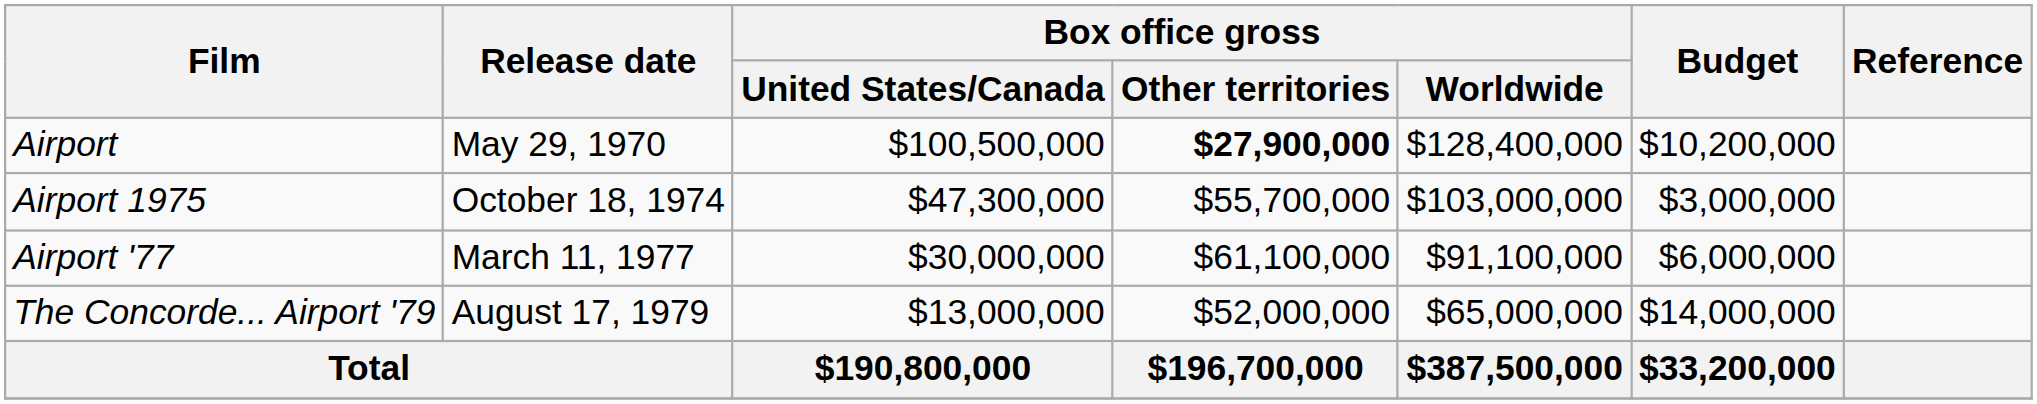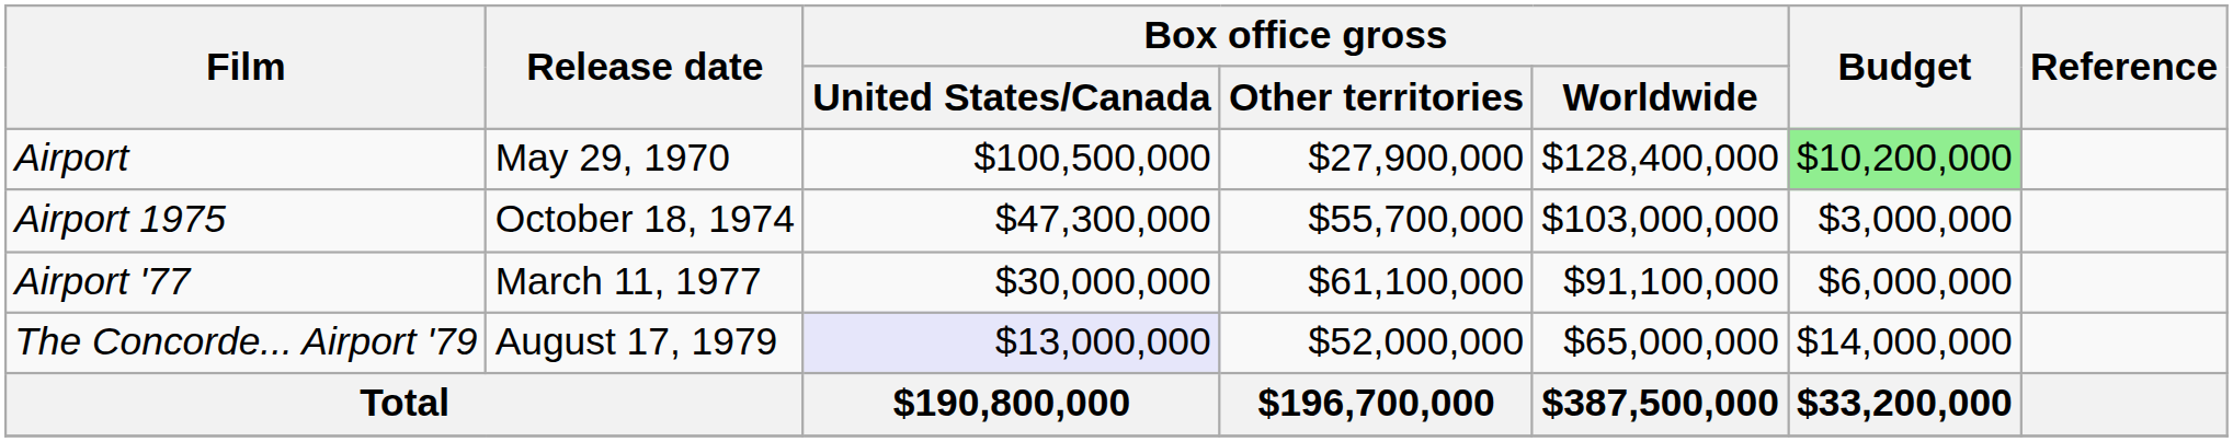 <table class="wikitable">
 <tr>
 <th rowspan="2" style="text-align:center;">Film</th>
 <th rowspan="2" style="text-align:center;">Release date</th>
 <th colspan="3" style="text-align:center;">Box office gross</th>
 <th rowspan="2" style="text-align:center;">Budget</th>
 <th rowspan="2" style="text-align:center;">Reference</th>
 </tr>
 <tr>
 <th style="text-align:center;">United States/Canada</th>
 <th style="text-align:center;">Other territories</th>
 <th style="text-align:center;">Worldwide</th>
 </tr>
 <tr>
 <td><em>Airport</em></td>
 <td>May 29, 1970</td>
 <td align="right">$100,500,000</td>
-<td align="right"><strong>$27,900,000</strong></td>
+<td align="right">$27,900,000</td>
 <td align="right">$128,400,000</td>
-<td align="right">$10,200,000</td>
+<td align="right" style="background: lightgreen;">$10,200,000</td>
 <td style="text-align:center;"></td>
 </tr>
 <tr>
 <td><em>Airport 1975</em></td>
 <td>October 18, 1974</td>
 <td align="right">$47,300,000</td>
 <td align="right">$55,700,000</td>
 <td align="right">$103,000,000</td>
 <td align="right">$3,000,000</td>
 <td style="text-align:center;"></td>
 </tr>
 <tr>
 <td><em>Airport '77</em></td>
 <td>March 11, 1977</td>
 <td align="right">$30,000,000</td>
 <td align="right">$61,100,000</td>
 <td align="right">$91,100,000</td>
 <td align="right">$6,000,000</td>
 <td style="text-align:center;"></td>
 </tr>
 <tr>
 <td><em>The Concorde... Airport '79</em></td>
 <td>August 17, 1979</td>
-<td align="right">$13,000,000</td>
+<td align="right" style="background: lavender;">$13,000,000</td>
 <td align="right">$52,000,000</td>
 <td align="right">$65,000,000</td>
 <td align="right">$14,000,000</td>
 <td style="text-align:center;"></td>
 </tr>
 <tr>
 <th colspan="2" style="text-align:center;">Total</th>
 <th align="right">$190,800,000</th>
 <th align="right">$196,700,000</th>
 <th align="right">$387,500,000</th>
 <th align="right">$33,200,000</th>
 <th></th>
 </tr>
 <tr>
 </tr>
 </table>
